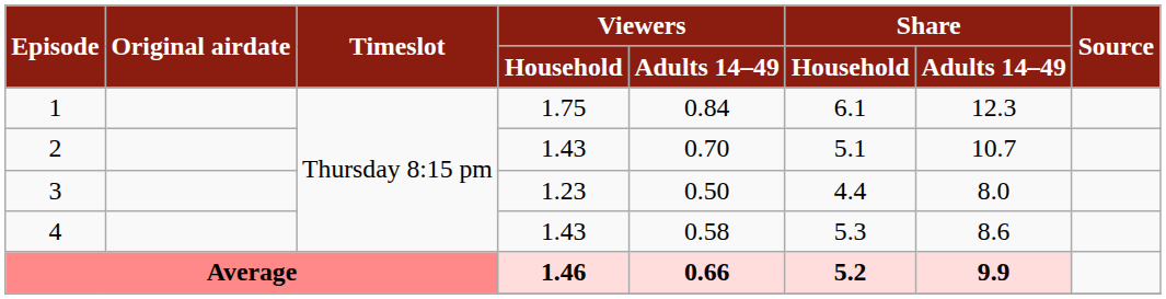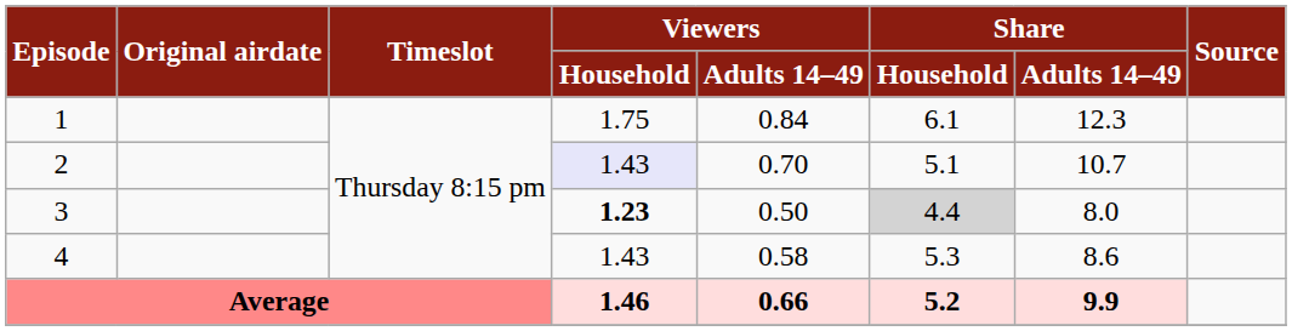 <table class="wikitable" style="text-align:center;">
 <tr>
 <th style="background:#8b1c10; color:#fff;" rowspan="2">Episode</th>
 <th style="background:#8b1c10; color:#fff;" rowspan="2">Original airdate</th>
 <th style="background:#8b1c10; color:#fff;" rowspan="2">Timeslot</th>
 <th style="background:#8b1c10; color:#fff;" colspan="2">Viewers<br><small></small></th>
 <th style="background:#8b1c10; color:#fff;" colspan="2">Share<br><small></small></th>
 <th style="background:#8b1c10; color:#fff;" rowspan="2">Source</th>
 </tr>
 <tr>
 <th style="background:#8b1c10; color:#fff;">Household</th>
 <th style="background:#8b1c10; color:#fff;">Adults 14–49</th>
 <th style="background:#8b1c10; color:#fff;">Household</th>
 <th style="background:#8b1c10; color:#fff;">Adults 14–49</th>
 </tr>
 <tr>
 <td>1</td>
 <td></td>
 <td rowspan="4">Thursday 8:15 pm</td>
 <td>1.75</td>
 <td>0.84</td>
 <td>6.1</td>
 <td>12.3</td>
 <td></td>
 </tr>
 <tr>
 <td>2</td>
 <td></td>
-<td>1.43</td>
+<td style="background: lavender;">1.43</td>
 <td>0.70</td>
 <td>5.1</td>
 <td>10.7</td>
 <td></td>
 </tr>
 <tr>
 <td>3</td>
 <td></td>
-<td>1.23</td>
+<td><strong>1.23</strong></td>
 <td>0.50</td>
-<td>4.4</td>
+<td style="background: lightgrey;">4.4</td>
 <td>8.0</td>
 <td></td>
 </tr>
 <tr>
 <td>4</td>
 <td></td>
 <td>1.43</td>
 <td>0.58</td>
 <td>5.3</td>
 <td>8.6</td>
 <td></td>
 </tr>
 <tr>
 <th style="background:#ff8888;" colspan="3">Average</th>
 <td style="background:#ffdddd;"><strong>1.46</strong></td>
 <td style="background:#ffdddd;"><strong>0.66</strong></td>
 <td style="background:#ffdddd;"><strong>5.2</strong></td>
 <td style="background:#ffdddd;"><strong>9.9</strong></td>
 <td></td>
 </tr>
 <tr>
 </tr>
 </table>
